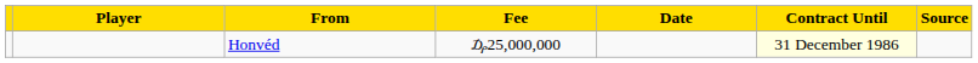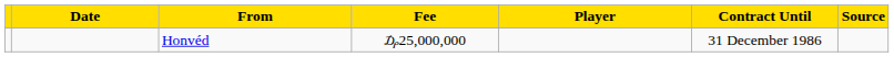 <table class="wikitable sortable">
 <tr>
 <th style="background:#FFDE00"></th>
-<th width=200 style="background:#FFDE00">Player</th>
+<th width=150 style="background:#FFDE00">Date</th>
 <th width=200 style="background:#FFDE00">From</th>
 <th width=150 style="background:#FFDE00">Fee</th>
-<th width=150 style="background:#FFDE00">Date</th>
+<th width=200 style="background:#FFDE00">Player</th>
 <th width=150 style="background:#FFDE00">Contract Until</th>
 <th style="background:#FFDE00">Source</th>
 </tr>
 <tr>
 <td align=center></td>
-<td></td>
+<td align=center></td>
 <td> <a href='#'>Honvéd</a></td>
 <td align=center>₯25,000,000</td>
-<td align=center></td>
-<td align=center style="background: lightyellow;">31 December 1986</td>
+<td></td>
+<td align=center>31 December 1986</td>
 <td align=center></td>
 </tr>
 </table>
